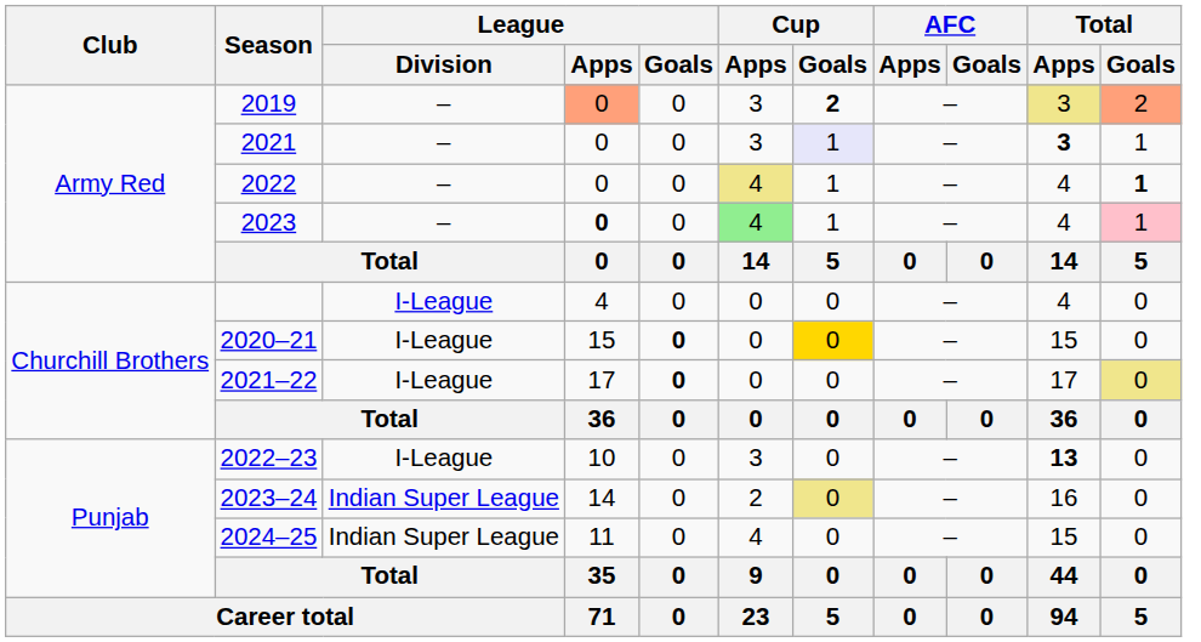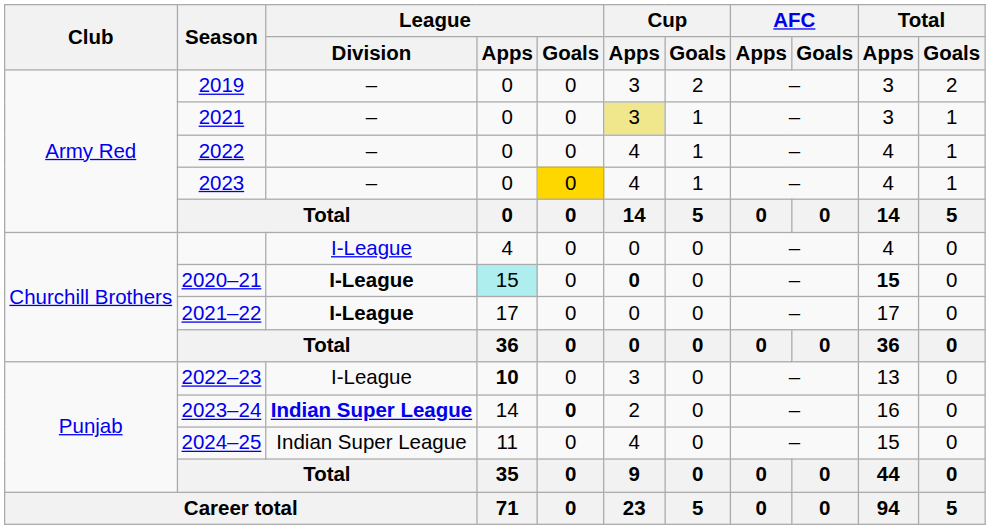 <table class="wikitable" style="text-align: center;">
 <tr>
 <th rowspan="2">Club</th>
 <th rowspan="2">Season</th>
 <th colspan="3">League</th>
 <th colspan="2">Cup</th>
 <th colspan="2"><a href='#'>AFC</a></th>
 <th colspan="2">Total</th>
 </tr>
 <tr>
 <th>Division</th>
 <th>Apps</th>
 <th>Goals</th>
 <th>Apps</th>
 <th>Goals</th>
 <th>Apps</th>
 <th>Goals</th>
 <th>Apps</th>
 <th>Goals</th>
 </tr>
 <tr>
 <td rowspan="5"><a href='#'>Army Red</a></td>
 <td><a href='#'>2019</a></td>
 <td>–</td>
-<td style="background: lightsalmon;">0</td>
+<td>0</td>
 <td>0</td>
 <td>3</td>
-<td><strong>2</strong></td>
+<td>2</td>
 <td colspan="2">–</td>
-<td style="background: khaki;">3</td>
-<td style="background: lightsalmon;">2</td>
+<td>3</td>
+<td>2</td>
 </tr>
 <tr>
 <td><a href='#'>2021</a></td>
 <td>–</td>
 <td>0</td>
 <td>0</td>
+<td style="background: khaki;">3</td>
+<td>1</td>
+<td colspan="2">–</td>
 <td>3</td>
-<td style="background: lavender;">1</td>
-<td colspan="2">–</td>
-<td><strong>3</strong></td>
 <td>1</td>
 </tr>
 <tr>
 <td><a href='#'>2022</a></td>
 <td>–</td>
 <td>0</td>
 <td>0</td>
-<td style="background: khaki;">4</td>
+<td>4</td>
 <td>1</td>
 <td colspan="2">–</td>
 <td>4</td>
-<td><strong>1</strong></td>
+<td>1</td>
 </tr>
 <tr>
 <td><a href='#'>2023</a></td>
 <td>–</td>
-<td><strong>0</strong></td>
 <td>0</td>
-<td style="background: lightgreen;">4</td>
+<td style="background: gold;">0</td>
+<td>4</td>
 <td>1</td>
 <td colspan="2">–</td>
 <td>4</td>
-<td style="background: pink;">1</td>
+<td>1</td>
 </tr>
 <tr>
 <th colspan="2">Total</th>
 <th>0</th>
 <th>0</th>
 <th>14</th>
 <th>5</th>
 <th>0</th>
 <th>0</th>
 <th>14</th>
 <th>5</th>
 </tr>
 <tr>
 <td rowspan="4"><a href='#'>Churchill Brothers</a></td>
 <td></td>
 <td><a href='#'>I-League</a></td>
 <td>4</td>
 <td>0</td>
 <td>0</td>
 <td>0</td>
 <td colspan="2">–</td>
 <td>4</td>
 <td>0</td>
 </tr>
 <tr>
 <td><a href='#'>2020–21</a></td>
-<td>I-League</td>
-<td>15</td>
+<td><strong>I-League</strong></td>
+<td style="background: paleturquoise;">15</td>
+<td>0</td>
 <td><strong>0</strong></td>
 <td>0</td>
-<td style="background: gold;">0</td>
 <td colspan="2">–</td>
-<td>15</td>
+<td><strong>15</strong></td>
 <td>0</td>
 </tr>
 <tr>
 <td><a href='#'>2021–22</a></td>
-<td>I-League</td>
+<td><strong>I-League</strong></td>
 <td>17</td>
-<td><strong>0</strong></td>
+<td>0</td>
 <td>0</td>
 <td>0</td>
 <td colspan="2">–</td>
 <td>17</td>
-<td style="background: khaki;">0</td>
+<td>0</td>
 </tr>
 <tr>
 <th colspan="2">Total</th>
 <th>36</th>
 <th>0</th>
 <th>0</th>
 <th>0</th>
 <th>0</th>
 <th>0</th>
 <th>36</th>
 <th>0</th>
 </tr>
 <tr>
 <td rowspan="4"><a href='#'>Punjab</a></td>
 <td><a href='#'>2022–23</a></td>
 <td>I-League</td>
-<td>10</td>
+<td><strong>10</strong></td>
 <td>0</td>
 <td>3</td>
 <td>0</td>
 <td colspan="2">–</td>
-<td><strong>13</strong></td>
+<td>13</td>
 <td>0</td>
 </tr>
 <tr>
 <td><a href='#'>2023–24</a></td>
-<td><a href='#'>Indian Super League</a></td>
+<td><strong><a href='#'>Indian Super League</a></strong></td>
 <td>14</td>
+<td><strong>0</strong></td>
+<td>2</td>
 <td>0</td>
-<td>2</td>
-<td style="background: khaki;">0</td>
 <td colspan="2">–</td>
 <td>16</td>
 <td>0</td>
 </tr>
 <tr>
 <td><a href='#'>2024–25</a></td>
 <td>Indian Super League</td>
 <td>11</td>
 <td>0</td>
 <td>4</td>
 <td>0</td>
 <td colspan="2">–</td>
 <td>15</td>
 <td>0</td>
 </tr>
 <tr>
 <th colspan="2">Total</th>
 <th>35</th>
 <th>0</th>
 <th>9</th>
 <th>0</th>
 <th>0</th>
 <th>0</th>
 <th>44</th>
 <th>0</th>
 </tr>
 <tr>
 <th colspan="3">Career total</th>
 <th>71</th>
 <th>0</th>
 <th>23</th>
 <th>5</th>
 <th>0</th>
 <th>0</th>
 <th>94</th>
 <th>5</th>
 </tr>
 </table>
